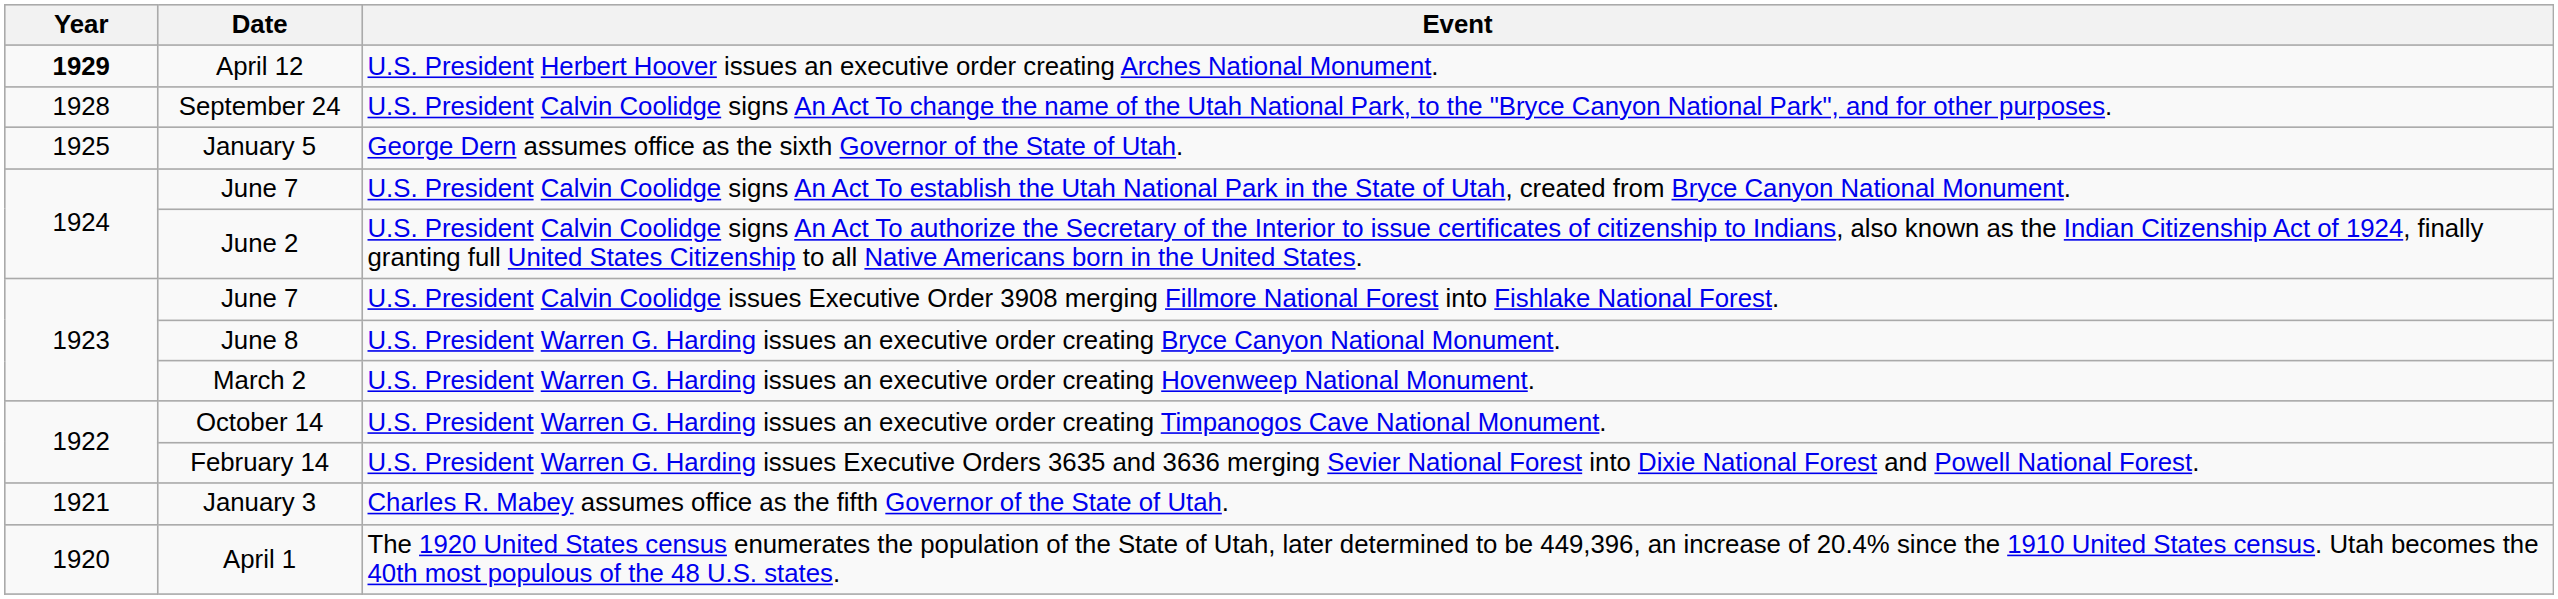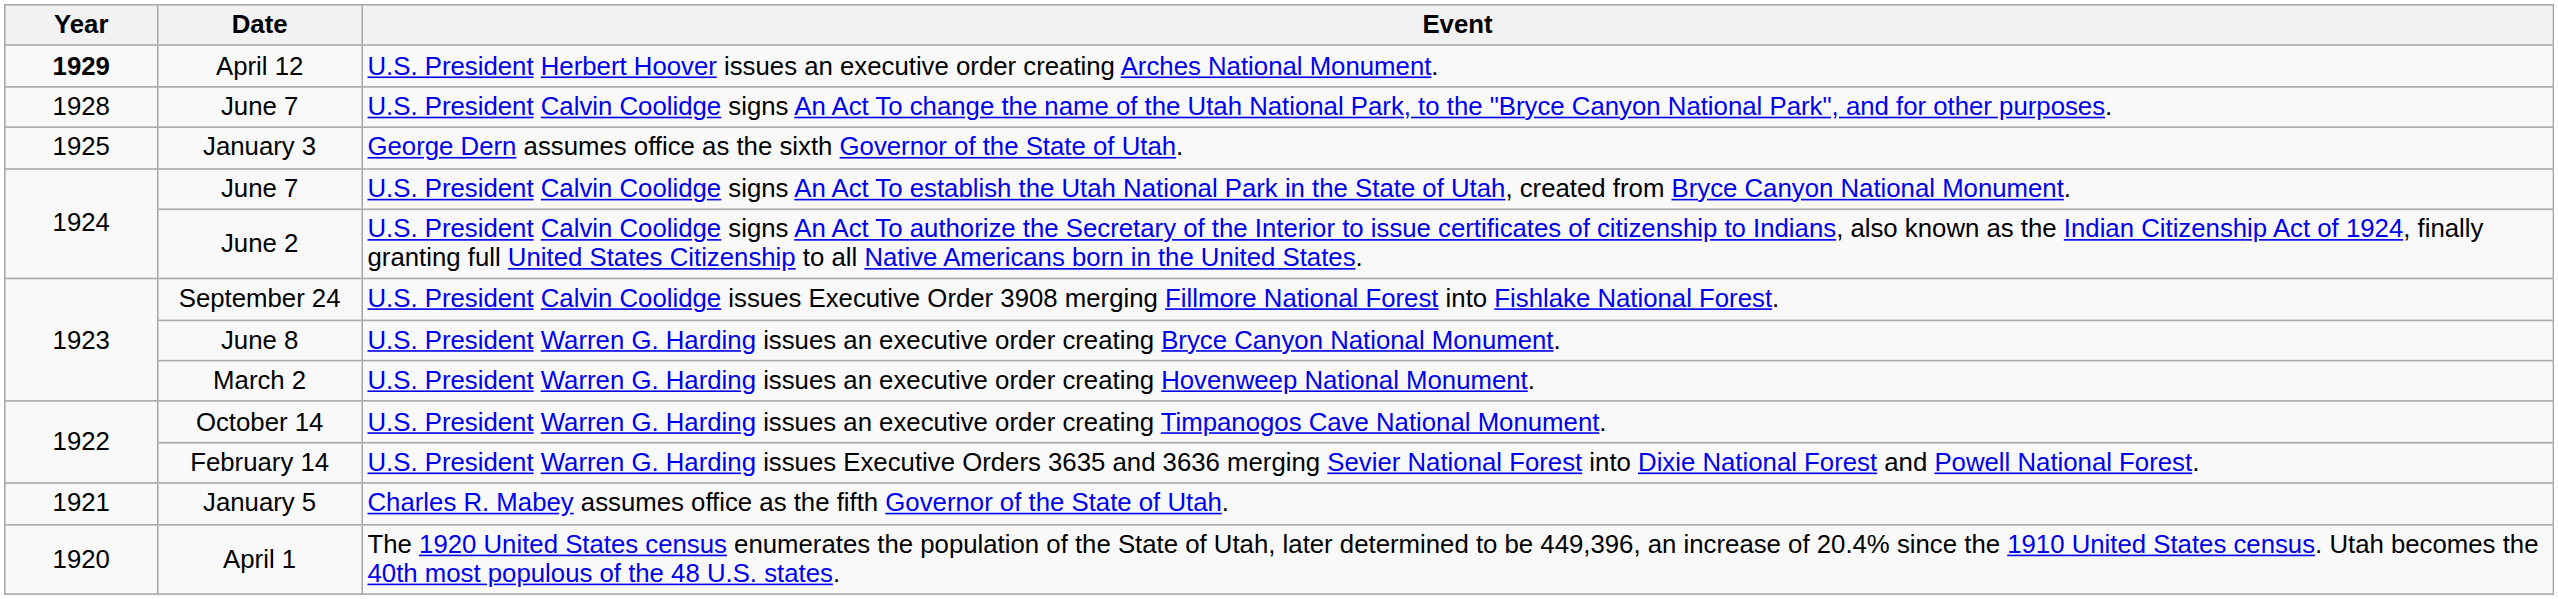 <table class="wikitable" style="width:100%;">
 <tr>
 <th style="width:6%">Year</th>
 <th style="width:8%">Date</th>
 <th style="width:86%">Event</th>
 </tr>
 <tr>
 <td align=center rowspan=1><strong>1929</strong></td>
 <td align=center>April 12</td>
 <td><a href='#'>U.S. President</a> <a href='#'>Herbert Hoover</a> issues an executive order creating <a href='#'>Arches National Monument</a>.</td>
 </tr>
 <tr>
 <td align=center rowspan=1>1928</td>
-<td align=center>September 24</td>
+<td align=center>June 7</td>
 <td><a href='#'>U.S. President</a> <a href='#'>Calvin Coolidge</a> signs <a href='#'>An Act To change the name of the Utah National Park, to the "Bryce Canyon National Park", and for other purposes</a>.</td>
 </tr>
 <tr>
 <td align=center rowspan=1>1925</td>
-<td align=center>January 5</td>
+<td align=center>January 3</td>
 <td><a href='#'>George Dern</a> assumes office as the sixth <a href='#'>Governor of the State of Utah</a>.</td>
 </tr>
 <tr>
 <td align=center rowspan=2>1924</td>
 <td align=center>June 7</td>
 <td><a href='#'>U.S. President</a> <a href='#'>Calvin Coolidge</a> signs <a href='#'>An Act To establish the Utah National Park in the State of Utah</a>, created from <a href='#'>Bryce Canyon National Monument</a>.</td>
 </tr>
 <tr>
 <td align=center>June 2</td>
 <td><a href='#'>U.S. President</a> <a href='#'>Calvin Coolidge</a> signs <a href='#'>An Act To authorize the Secretary of the Interior to issue certificates of citizenship to Indians</a>, also known as the <a href='#'>Indian Citizenship Act of 1924</a>, finally granting full <a href='#'>United States Citizenship</a> to all <a href='#'>Native Americans born in the United States</a>.</td>
 </tr>
 <tr>
 <td align=center rowspan=3>1923</td>
-<td align=center>June 7</td>
+<td align=center>September 24</td>
 <td><a href='#'>U.S. President</a> <a href='#'>Calvin Coolidge</a> issues Executive Order 3908 merging <a href='#'>Fillmore National Forest</a> into <a href='#'>Fishlake National Forest</a>.</td>
 </tr>
 <tr>
 <td align=center>June 8</td>
 <td><a href='#'>U.S. President</a> <a href='#'>Warren G. Harding</a> issues an executive order creating <a href='#'>Bryce Canyon National Monument</a>.</td>
 </tr>
 <tr>
 <td align=center>March 2</td>
 <td><a href='#'>U.S. President</a> <a href='#'>Warren G. Harding</a> issues an executive order creating <a href='#'>Hovenweep National Monument</a>.</td>
 </tr>
 <tr>
 <td align=center rowspan=2>1922</td>
 <td align=center>October 14</td>
 <td><a href='#'>U.S. President</a> <a href='#'>Warren G. Harding</a> issues an executive order creating <a href='#'>Timpanogos Cave National Monument</a>.</td>
 </tr>
 <tr>
 <td align=center>February 14</td>
 <td><a href='#'>U.S. President</a> <a href='#'>Warren G. Harding</a> issues Executive Orders 3635 and 3636 merging <a href='#'>Sevier National Forest</a> into <a href='#'>Dixie National Forest</a> and <a href='#'>Powell National Forest</a>.</td>
 </tr>
 <tr>
 <td align=center rowspan=1>1921</td>
-<td align=center>January 3</td>
+<td align=center>January 5</td>
 <td><a href='#'>Charles R. Mabey</a> assumes office as the fifth <a href='#'>Governor of the State of Utah</a>.</td>
 </tr>
 <tr>
 <td align=center rowspan=1>1920</td>
 <td align=center>April 1</td>
 <td>The <a href='#'>1920 United States census</a> enumerates the population of the State of Utah, later determined to be 449,396, an increase of 20.4% since the <a href='#'>1910 United States census</a>. Utah becomes the <a href='#'>40th most populous of the 48 U.S. states</a>.</td>
 </tr>
 </table>
